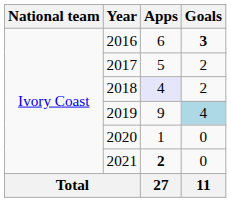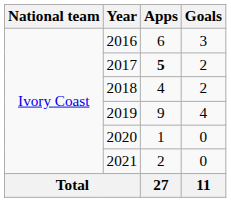 <table class="wikitable" style="text-align:center">
 <tr>
 <th>National team</th>
 <th>Year</th>
 <th>Apps</th>
 <th>Goals</th>
 </tr>
 <tr>
 <td rowspan="6"><a href='#'>Ivory Coast</a></td>
 <td>2016</td>
 <td>6</td>
-<td><strong>3</strong></td>
+<td>3</td>
 </tr>
 <tr>
 <td>2017</td>
-<td>5</td>
+<td><strong>5</strong></td>
 <td>2</td>
 </tr>
 <tr>
 <td>2018</td>
-<td style="background: lavender;">4</td>
+<td>4</td>
 <td>2</td>
 </tr>
 <tr>
 <td>2019</td>
 <td>9</td>
-<td style="background: lightblue;">4</td>
+<td>4</td>
 </tr>
 <tr>
 <td>2020</td>
 <td>1</td>
 <td>0</td>
 </tr>
 <tr>
 <td>2021</td>
-<td><strong>2</strong></td>
+<td>2</td>
 <td>0</td>
 </tr>
 <tr>
 <th colspan="2">Total</th>
 <th>27</th>
 <th>11</th>
 </tr>
 </table>
